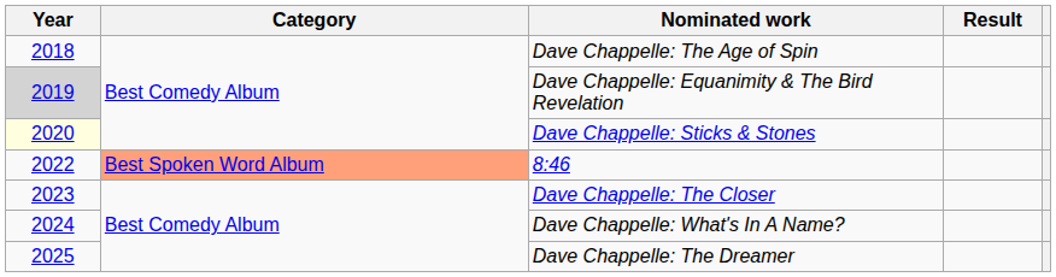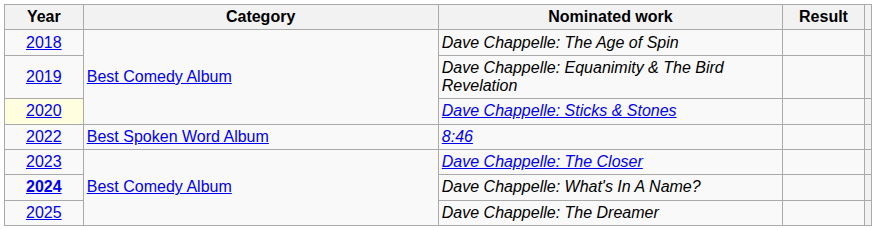 <table class=wikitable>
 <tr>
 <th scope="col" style="width:5em;">Year</th>
 <th scope="col" style="width:26em;">Category</th>
 <th scope="col" style="width:25em;">Nominated work</th>
 <th scope="col" style="width:5em;">Result</th>
 <th></th>
 </tr>
 <tr>
 <td style="text-align:center;"><a href='#'>2018</a></td>
 <td rowspan=3><a href='#'>Best Comedy Album</a></td>
 <td><em>Dave Chappelle: The Age of Spin</em></td>
 <td></td>
 <th style="text-align:center;"></th>
 </tr>
 <tr>
-<td style="background: lightgrey; text-align:center;"><a href='#'>2019</a></td>
+<td style="text-align:center;"><a href='#'>2019</a></td>
 <td><em>Dave Chappelle: Equanimity & The Bird Revelation</em></td>
 <td></td>
 <th style="text-align:center;"></th>
 </tr>
 <tr>
 <td style="background: lightyellow; text-align:center;"><a href='#'>2020</a></td>
 <td><em><a href='#'>Dave Chappelle: Sticks & Stones</a></em></td>
 <td></td>
 <th style="text-align:center;"></th>
 </tr>
 <tr>
 <td style="text-align:center;"><a href='#'>2022</a></td>
-<td style="background: lightsalmon;"><a href='#'>Best Spoken Word Album</a></td>
+<td><a href='#'>Best Spoken Word Album</a></td>
 <td><em><a href='#'>8:46</a></em> </td>
 <td></td>
 <th style="text-align:center;"></th>
 </tr>
 <tr>
 <td style="text-align:center;"><a href='#'>2023</a></td>
 <td rowspan=3><a href='#'>Best Comedy Album</a></td>
 <td><em><a href='#'>Dave Chappelle: The Closer</a></em></td>
 <td></td>
 <th style="text-align:center;"></th>
 </tr>
 <tr>
-<td style="text-align:center;"><a href='#'>2024</a></td>
+<td style="text-align:center;"><strong><a href='#'>2024</a></strong></td>
 <td><em>Dave Chappelle: What's In A Name?</em></td>
 <td></td>
 <th ! style="text-align:center;"></th>
 </tr>
 <tr>
 <td style="text-align:center;"><a href='#'>2025</a></td>
 <td><em>Dave Chappelle: The Dreamer</em></td>
 <td></td>
 <th ! style="text-align:center;"></th>
 </tr>
 <tr>
 </tr>
 </table>
